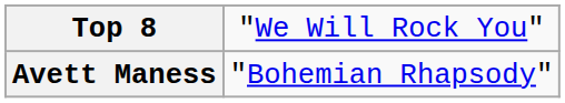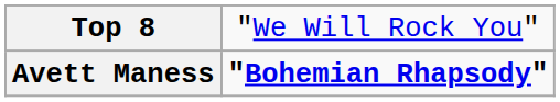 <table class="wikitable" style="text-align:center;">
 <tr>
 <th scope="col">Top 8</th>
 <td>"<a href='#'>We Will Rock You</a>"</td>
 </tr>
 <tr>
 <th scope="col">Avett Maness</th>
-<td>"<a href='#'>Bohemian Rhapsody</a>"</td>
+<td><strong>"<a href='#'>Bohemian Rhapsody</a>"</strong></td>
 </tr>
 </table>
